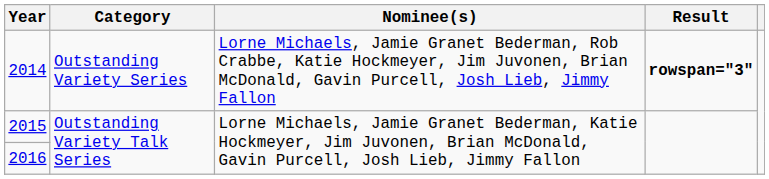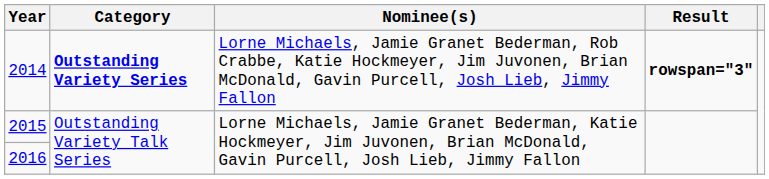 <table class="wikitable plainrowheaders" width=100%>
 <tr>
 <th>Year</th>
 <th>Category</th>
 <th>Nominee(s)</th>
 <th>Result</th>
 <th scope="col"></th>
 </tr>
 <tr>
 <td><a href='#'>2014</a></td>
-<td><a href='#'>Outstanding Variety Series</a></td>
+<td><strong><a href='#'>Outstanding Variety Series</a></strong></td>
 <td><a href='#'>Lorne Michaels</a>, Jamie Granet Bederman, Rob Crabbe, Katie Hockmeyer, Jim Juvonen, Brian McDonald, Gavin Purcell, <a href='#'>Josh Lieb</a>, <a href='#'>Jimmy Fallon</a></td>
 <td><strong>rowspan="3" </strong></td>
 <td rowspan="3"></td>
 </tr>
 <tr>
 <td><a href='#'>2015</a></td>
 <td rowspan="2"><a href='#'>Outstanding Variety Talk Series</a></td>
 <td rowspan="2">Lorne Michaels, Jamie Granet Bederman, Katie Hockmeyer, Jim Juvonen, Brian McDonald, Gavin Purcell, Josh Lieb, Jimmy Fallon</td>
 </tr>
 <tr>
 <td><a href='#'>2016</a></td>
 </tr>
 </table>
